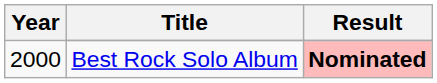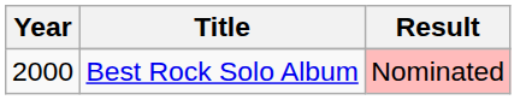 <table class="wikitable">
 <tr>
 <th>Year</th>
 <th>Title</th>
 <th>Result</th>
 </tr>
 <tr>
 <td rowspan="4">2000</td>
 </tr>
 <tr>
 <td><a href='#'>Best Rock Solo Album</a></td>
-<td style="background:#fbb;"><strong>Nominated</strong></td>
+<td style="background:#fbb;">Nominated</td>
 </tr>
 </table>
